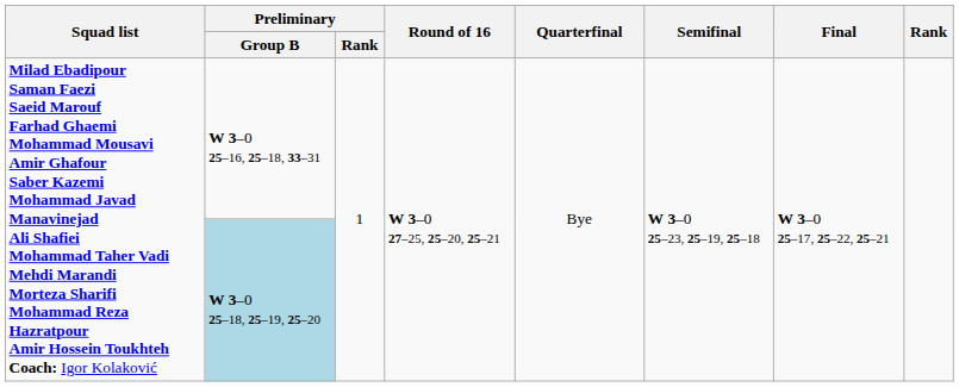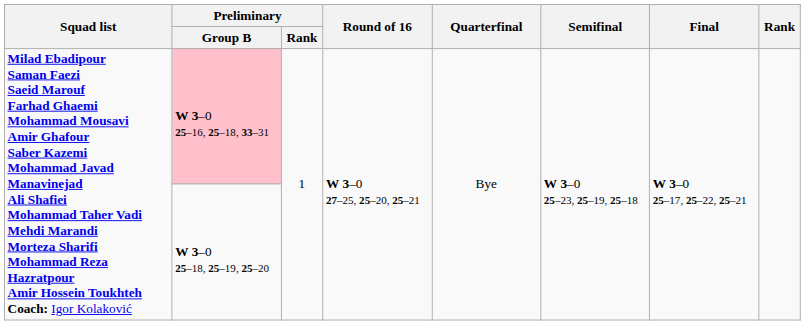 <table class="wikitable" width="98%" style="text-align:left; font-size:90%">
 <tr>
 <th rowspan="2" width="20%">Squad list</th>
 <th colspan="2">Preliminary</th>
 <th rowspan="2" width="13%">Round of 16</th>
 <th rowspan="2" width="13%">Quarterfinal</th>
 <th rowspan="2" width="13%">Semifinal</th>
 <th rowspan="2" width="13%">Final</th>
 <th rowspan="2" width="5%">Rank</th>
 </tr>
 <tr>
 <th width="13%">Group B</th>
 <th width="5%">Rank</th>
 </tr>
 <tr>
 <td rowspan=2><strong><a href='#'>Milad Ebadipour</a><br><a href='#'>Saman Faezi</a><br><a href='#'>Saeid Marouf</a><br><a href='#'>Farhad Ghaemi</a><br><a href='#'>Mohammad Mousavi</a><br><a href='#'>Amir Ghafour</a><br><a href='#'>Saber Kazemi</a><br><a href='#'>Mohammad Javad Manavinejad</a><br><a href='#'>Ali Shafiei</a><br><a href='#'>Mohammad Taher Vadi</a><br><a href='#'>Mehdi Marandi</a><br><a href='#'>Morteza Sharifi</a><br><a href='#'>Mohammad Reza Hazratpour</a><br><a href='#'>Amir Hossein Toukhteh</a><br>Coach:</strong>  <a href='#'>Igor Kolaković</a></td>
-<td><br><strong>W</strong> <strong>3</strong>–0<br><small><strong>25</strong>–16, <strong>25</strong>–18, <strong>33</strong>–31</small></td>
+<td style="background: pink;"><br><strong>W</strong> <strong>3</strong>–0<br><small><strong>25</strong>–16, <strong>25</strong>–18, <strong>33</strong>–31</small></td>
 <td rowspan=2 align=center>1 <strong></strong></td>
 <td rowspan=2><br><strong>W</strong> <strong>3</strong>–0<br><small><strong>27</strong>–25, <strong>25</strong>–20, <strong>25</strong>–21</small></td>
 <td rowspan=2 align="center">Bye</td>
 <td rowspan=2><br><strong>W</strong> <strong>3</strong>–0<br><small><strong>25</strong>–23, <strong>25</strong>–19, <strong>25</strong>–18</small></td>
 <td rowspan=2><br><strong>W</strong> <strong>3</strong>–0<br><small><strong>25</strong>–17, <strong>25</strong>–22, <strong>25</strong>–21</small></td>
 <td rowspan=2 align="center"></td>
 </tr>
 <tr>
-<td style="background: lightblue;"><br><strong>W</strong> <strong>3</strong>–0<br><small><strong>25</strong>–18, <strong>25</strong>–19, <strong>25</strong>–20</small></td>
+<td><br><strong>W</strong> <strong>3</strong>–0<br><small><strong>25</strong>–18, <strong>25</strong>–19, <strong>25</strong>–20</small></td>
 </tr>
 </table>
